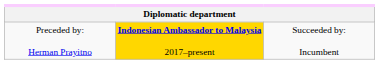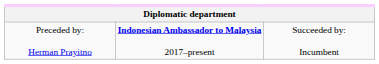 <table class="wikitable succession-box" id="159" style="margin:0.5em auto; font-size:95%;clear:both;">
 <tr>
 <th colspan="3" id="162" style="border-top: 5px solid #FACEFF;">Diplomatic department</th>
 </tr>
 <tr id="164" style="text-align:center;">
 <td rowspan="1" align="center" id="165" width="30%">Preceded by:<br><br><span><a href='#'>Herman Prayitno</a></span></td>
-<td rowspan="1" id="168" style="background: gold; text-align: center;" width="40%"><strong><a href='#'>Indonesian Ambassador to Malaysia</a></strong><br><br>2017–present</td>
+<td rowspan="1" id="168" style="text-align: center;" width="40%"><strong><a href='#'>Indonesian Ambassador to Malaysia</a></strong><br><br>2017–present</td>
 <td rowspan="1" align="center" id="171" width="30%">Succeeded by:<br><br><span>Incumbent</span></td>
 </tr>
 </table>
